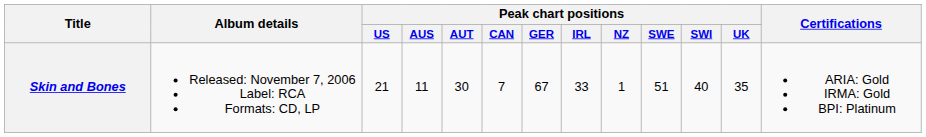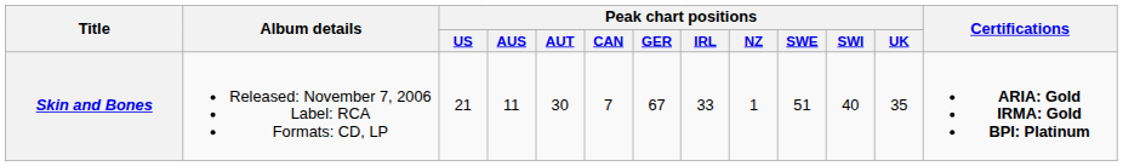 <table class="wikitable plainrowheaders" style="text-align:center;">
 <tr>
 <th scope="col" rowspan="2" style="width:11em;">Title</th>
 <th scope="col" rowspan="2" style="width:16em;">Album details</th>
 <th scope="col" colspan="10">Peak chart positions</th>
 <th scope="col" rowspan="2" style="width:12em;"><a href='#'>Certifications</a></th>
 </tr>
 <tr>
 <th scope="col" style="width:3em;font-size:90%;"><a href='#'>US</a><br></th>
 <th scope="col" style="width:3em;font-size:90%;"><a href='#'>AUS</a><br></th>
 <th scope="col" style="width:3em;font-size:90%;"><a href='#'>AUT</a><br></th>
 <th scope="col" style="width:3em;font-size:90%;"><a href='#'>CAN</a><br></th>
 <th scope="col" style="width:3em;font-size:90%;"><a href='#'>GER</a><br></th>
 <th scope="col" style="width:3em;font-size:90%;"><a href='#'>IRL</a><br></th>
 <th scope="col" style="width:3em;font-size:90%;"><a href='#'>NZ</a><br></th>
 <th scope="col" style="width:3em;font-size:90%;"><a href='#'>SWE</a><br></th>
 <th scope="col" style="width:3em;font-size:90%;"><a href='#'>SWI</a><br></th>
 <th scope="col" style="width:3em;font-size:90%;"><a href='#'>UK</a><br></th>
 </tr>
 <tr>
 <th scope="row"><em><a href='#'>Skin and Bones</a></em></th>
 <td><br><ul><li>Released: November 7, 2006</li><li>Label: RCA</li><li>Formats: CD, LP</li></ul></td>
 <td>21</td>
 <td>11</td>
 <td>30</td>
 <td>7</td>
 <td>67</td>
 <td>33</td>
 <td>1</td>
 <td>51</td>
 <td>40</td>
 <td>35</td>
-<td><br><ul><li>ARIA: Gold</li><li>IRMA: Gold</li><li>BPI: Platinum</li></ul></td>
+<td><strong><br><ul><li>ARIA: Gold</li><li>IRMA: Gold</li><li>BPI: Platinum</li></ul></strong></td>
 </tr>
 </table>
